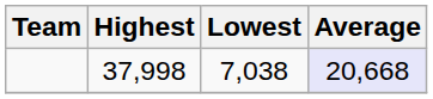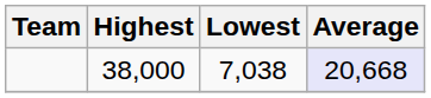 <table class="wikitable sortable">
 <tr>
 <th>Team</th>
 <th>Highest</th>
 <th>Lowest</th>
 <th>Average</th>
 </tr>
 <tr>
 <td></td>
-<td align="center">37,998</td>
+<td align="center">38,000</td>
 <td align="center">7,038</td>
 <td align="center" style="background: lavender;">20,668</td>
 </tr>
 <tr>
 </tr>
 </table>
